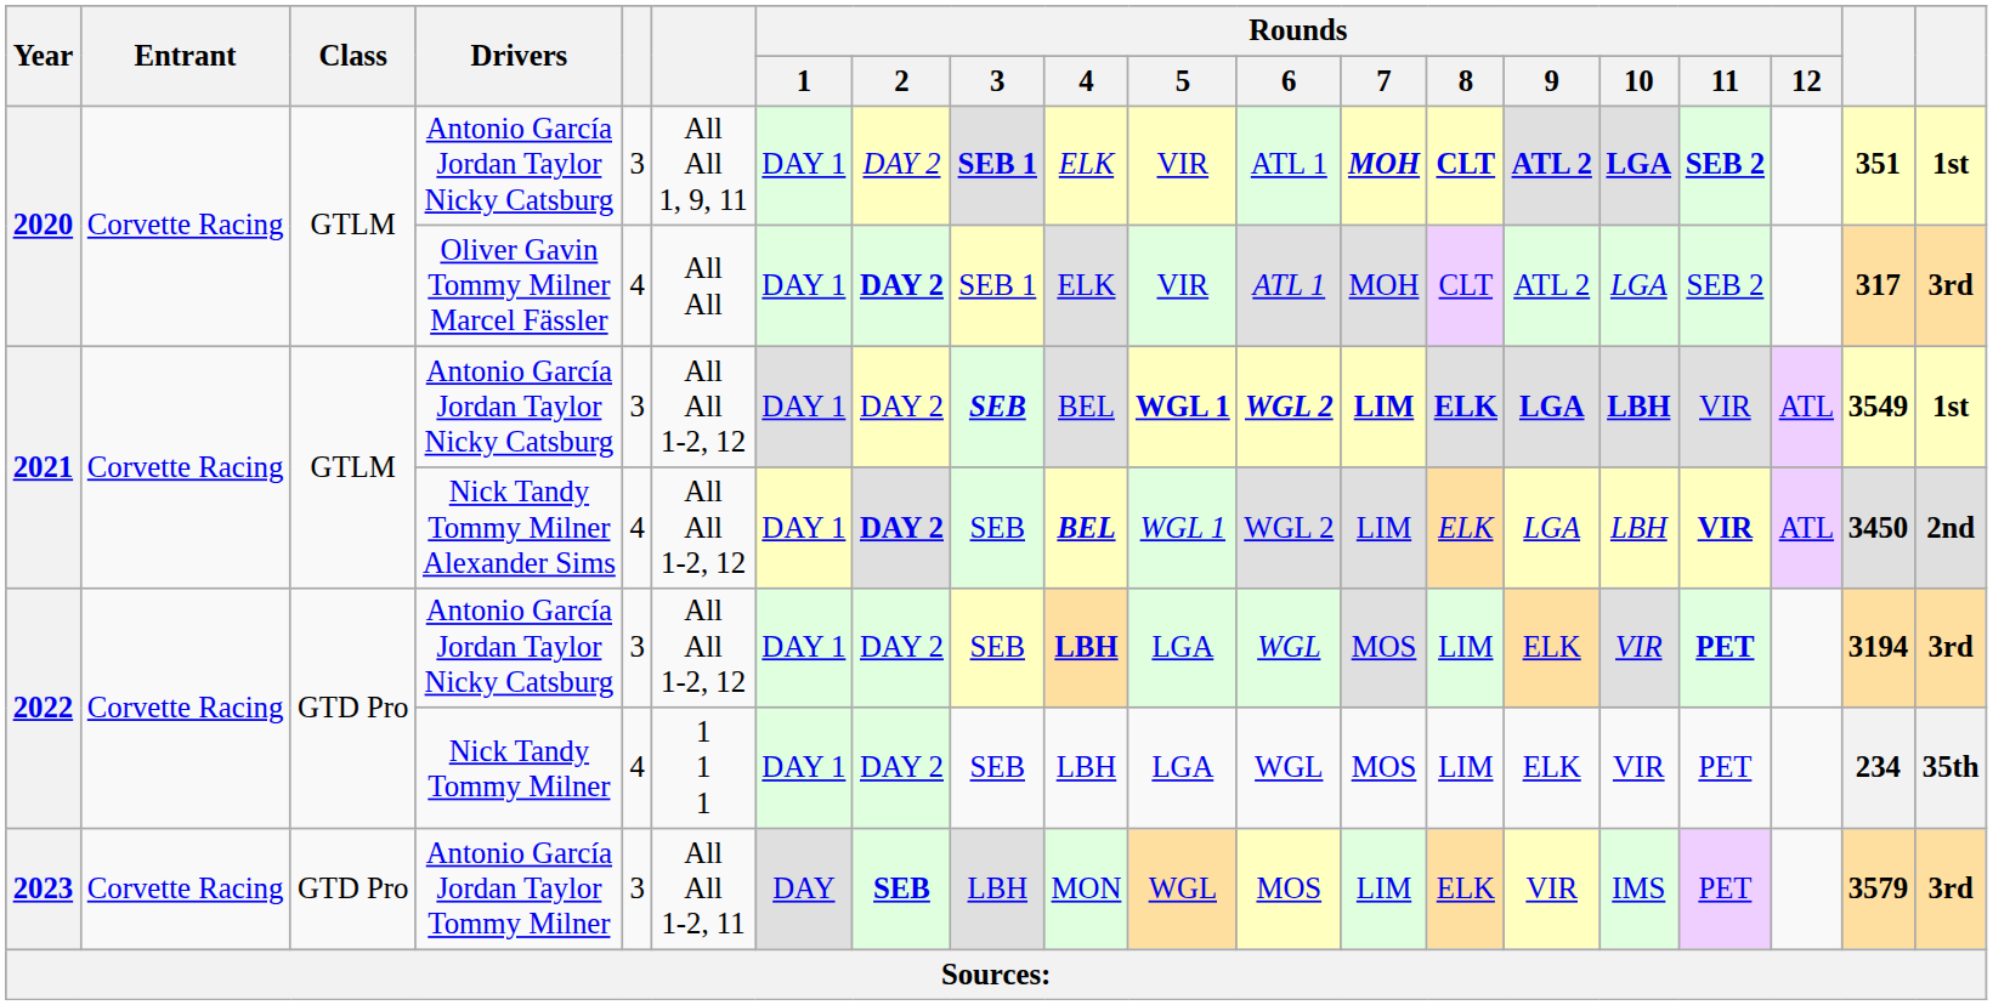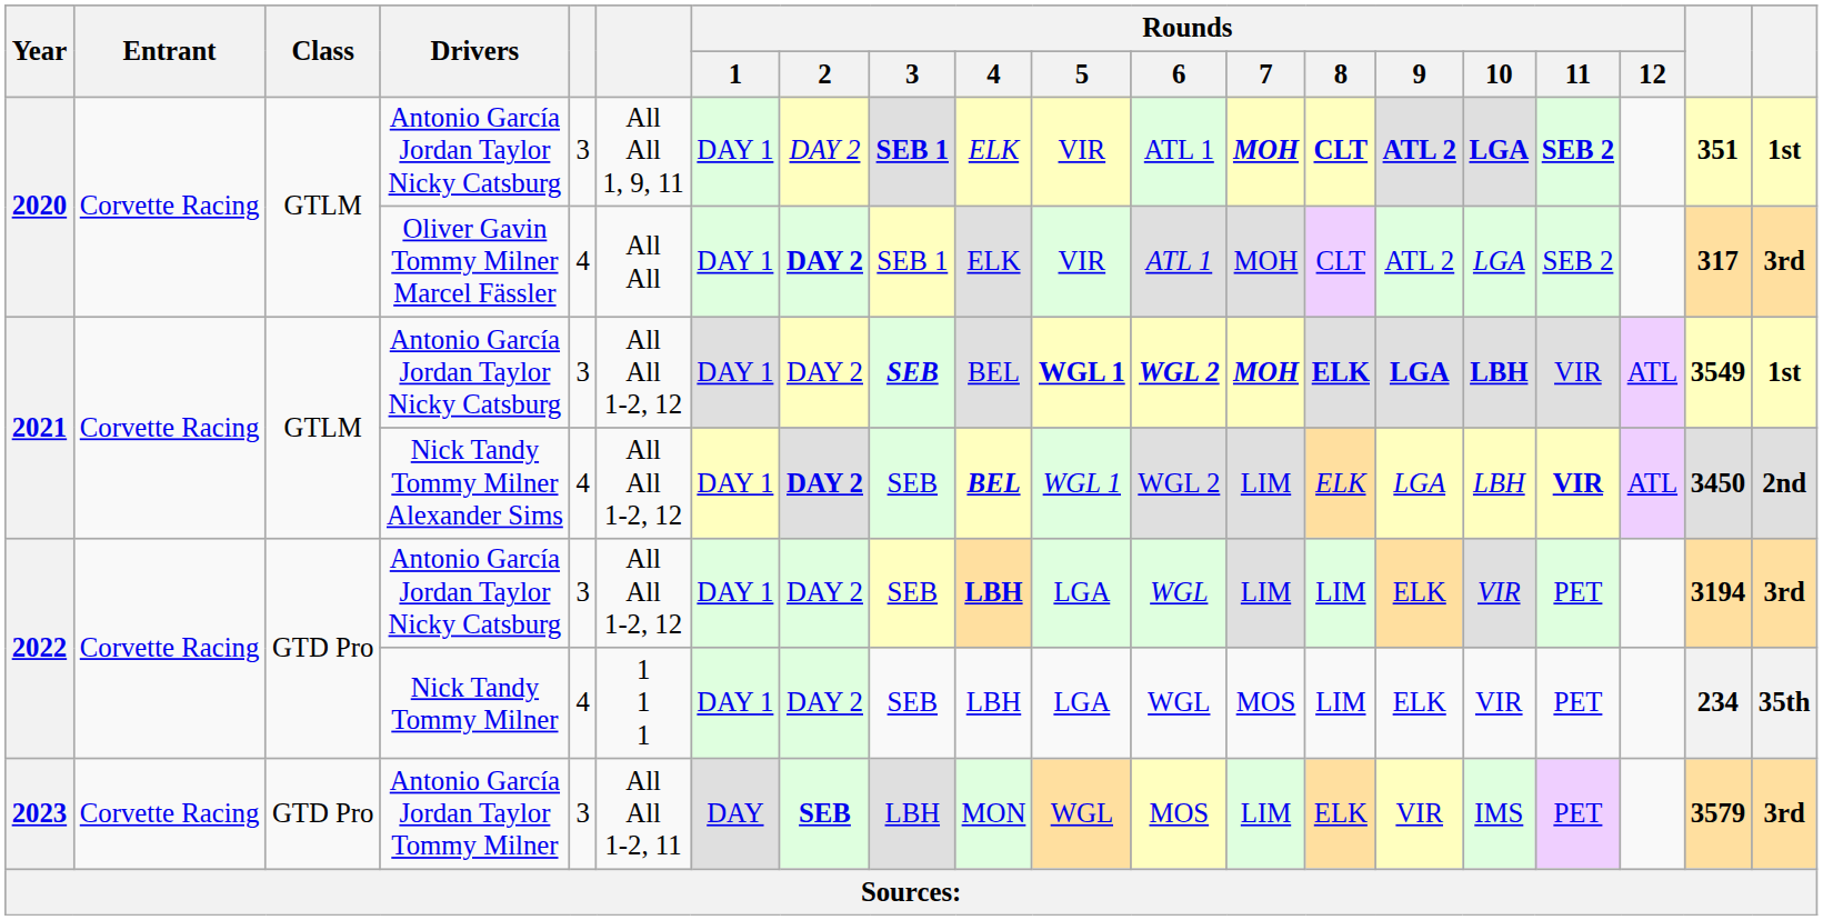 <table class = "wikitable" style="text-align:center; font-size:90%">
 <tr>
 <th rowspan="2">Year</th>
 <th rowspan="2">Entrant</th>
 <th rowspan="2">Class</th>
 <th rowspan="2">Drivers</th>
 <th rowspan="2"></th>
 <th rowspan="2"></th>
 <th colspan="12">Rounds</th>
 <th rowspan="2" scope="col"></th>
 <th rowspan="2" scope="col"></th>
 </tr>
 <tr>
 <th scope="col">1</th>
 <th scope="col">2</th>
 <th scope="col">3</th>
 <th scope="col">4</th>
 <th scope="col">5</th>
 <th scope="col">6</th>
 <th scope="col">7</th>
 <th scope="col">8</th>
 <th scope="col">9</th>
 <th scope="col">10</th>
 <th scope="col">11</th>
 <th scope="col">12</th>
 </tr>
 <tr>
 <th rowspan="2"><a href='#'>2020</a></th>
 <td rowspan="2"> <a href='#'>Corvette Racing</a></td>
 <td rowspan="2">GTLM</td>
 <td> <a href='#'>Antonio García</a><br> <a href='#'>Jordan Taylor</a><br> <a href='#'>Nicky Catsburg</a></td>
 <td>3</td>
 <td>All<br>All<br>1, 9, 11</td>
 <td style="background:#dfffdf;"><a href='#'>DAY 1</a><br></td>
 <td style="background:#ffffbf;"><em><a href='#'>DAY 2</a><br></em></td>
 <td style="background:#dfdfdf;"><strong><a href='#'>SEB 1</a><br></strong></td>
 <td style="background:#ffffbf;"><em><a href='#'>ELK</a><br></em></td>
 <td style="background:#ffffbf;"><a href='#'>VIR</a><br></td>
 <td style="background:#dfffdf;"><a href='#'>ATL 1</a><br></td>
 <td style="background:#ffffbf;"><strong><em><a href='#'>MOH</a><br></em></strong></td>
 <td style="background:#ffffbf;"><strong><a href='#'>CLT</a><br></strong></td>
 <td style="background:#dfdfdf;"><strong><a href='#'>ATL 2</a><br></strong></td>
 <td style="background:#dfdfdf;"><strong><a href='#'>LGA</a><br></strong></td>
 <td style="background:#dfffdf;"><strong><a href='#'>SEB 2</a><br></strong></td>
 <td></td>
 <th style="background:#ffffbf;">351</th>
 <th style="background:#ffffbf;">1st</th>
 </tr>
 <tr>
 <td> <a href='#'>Oliver Gavin</a><br> <a href='#'>Tommy Milner</a><br> <a href='#'>Marcel Fässler</a></td>
 <td>4</td>
 <td>All<br>All<br></td>
 <td style="background:#dfffdf;"><a href='#'>DAY 1</a><br></td>
 <td style="background:#dfffdf;"><strong><a href='#'>DAY 2</a><br></strong></td>
 <td style="background:#ffffbf;"><a href='#'>SEB 1</a><br></td>
 <td style="background:#dfdfdf;"><a href='#'>ELK</a><br></td>
 <td style="background:#dfffdf;"><a href='#'>VIR</a><br></td>
 <td style="background:#dfdfdf;"><em><a href='#'>ATL 1</a><br></em></td>
 <td style="background:#dfdfdf;"><a href='#'>MOH</a><br></td>
 <td style="background:#efcfff;"><a href='#'>CLT</a><br></td>
 <td style="background:#dfffdf;"><a href='#'>ATL 2</a><br></td>
 <td style="background:#dfffdf;"><em><a href='#'>LGA</a><br></em></td>
 <td style="background:#dfffdf;"><a href='#'>SEB 2</a><br></td>
 <td></td>
 <th style="background:#FFDF9F;”">317</th>
 <th style="background:#FFDF9F;”">3rd</th>
 </tr>
 <tr>
 <th rowspan="2"><a href='#'>2021</a></th>
 <td rowspan="2"> <a href='#'>Corvette Racing</a></td>
 <td rowspan="2">GTLM</td>
 <td> <a href='#'>Antonio García</a><br> <a href='#'>Jordan Taylor</a><br> <a href='#'>Nicky Catsburg</a></td>
 <td>3</td>
 <td>All<br>All<br>1-2, 12</td>
 <td style="background:#dfdfdf;"><a href='#'>DAY 1</a><br></td>
 <td style="background:#ffffbf;"><a href='#'>DAY 2</a><br></td>
 <td style="background:#dfffdf;"><strong><em><a href='#'>SEB</a><br></em></strong></td>
 <td style="background:#dfdfdf;"><a href='#'>BEL</a><br></td>
 <td style="background:#ffffbf;"><strong><a href='#'>WGL 1</a><br></strong></td>
 <td style="background:#ffffbf;"><strong><em><a href='#'>WGL 2</a><br></em></strong></td>
-<td style="background:#ffffbf;"><strong><a href='#'>LIM</a><br></strong></td>
+<td style="background:#ffffbf;"><strong><em><a href='#'>MOH</a><br></em></strong></td>
 <td style="background:#dfdfdf;"><strong><a href='#'>ELK</a><br></strong></td>
 <td style="background:#dfdfdf;"><strong><a href='#'>LGA</a><br></strong></td>
 <td style="background:#dfdfdf;"><strong><a href='#'>LBH</a><br></strong></td>
 <td style="background:#dfdfdf;"><a href='#'>VIR</a><br></td>
 <td style="background:#efcfff;"><a href='#'>ATL</a><br></td>
 <th style="background:#ffffbf;">3549</th>
 <th style="background:#ffffbf;">1st</th>
 </tr>
 <tr>
 <td> <a href='#'>Nick Tandy</a><br> <a href='#'>Tommy Milner</a><br> <a href='#'>Alexander Sims</a></td>
 <td>4</td>
 <td>All<br>All<br>1-2, 12</td>
 <td style="background:#ffffbf;"><a href='#'>DAY 1</a><br></td>
 <td style="background:#dfdfdf;"><strong><a href='#'>DAY 2</a><br></strong></td>
 <td style="background:#dfffdf;"><a href='#'>SEB</a><br></td>
 <td style="background:#ffffbf;"><strong><em><a href='#'>BEL</a><br></em></strong></td>
 <td style="background:#dfffdf;"><em><a href='#'>WGL 1</a><br></em></td>
 <td style="background:#dfdfdf;"><a href='#'>WGL 2</a><br></td>
 <td style="background:#dfdfdf;"><a href='#'>LIM</a><br></td>
 <td style="background:#FFDF9F;"><em><a href='#'>ELK</a><br></em></td>
 <td style="background:#ffffbf;"><em><a href='#'>LGA</a><br></em></td>
 <td style="background:#ffffbf;"><em><a href='#'>LBH</a><br></em></td>
 <td style="background:#ffffbf;"><strong><a href='#'>VIR</a><br></strong></td>
 <td style="background:#efcfff;"><a href='#'>ATL</a><br></td>
 <th style="background:#dfdfdf;">3450</th>
 <th style="background:#dfdfdf;">2nd</th>
 </tr>
 <tr>
 <th rowspan="2"><a href='#'>2022</a></th>
 <td rowspan="2"> <a href='#'>Corvette Racing</a></td>
 <td rowspan="2">GTD Pro</td>
 <td> <a href='#'>Antonio García</a><br> <a href='#'>Jordan Taylor</a><br> <a href='#'>Nicky Catsburg</a></td>
 <td>3</td>
 <td>All<br>All<br>1-2, 12</td>
 <td style="background:#dfffdf;"><a href='#'>DAY 1</a><br></td>
 <td style="background:#dfffdf;"><a href='#'>DAY 2</a><br></td>
 <td style="background:#FFFFBF;"><a href='#'>SEB</a><br></td>
 <td style="background:#FFDF9F;"><strong><a href='#'>LBH</a><br></strong></td>
 <td style="background:#DFFFDF;"><a href='#'>LGA</a><br></td>
 <td style="background:#DFFFDF;"><em><a href='#'>WGL</a><br></em></td>
-<td style="background:#DFDFDF;"><a href='#'>MOS</a><br></td>
+<td style="background:#dfdfdf;"><a href='#'>LIM</a><br></td>
 <td style="background:#DFFFDF;"><a href='#'>LIM</a><br></td>
 <td style="background:#FFDF9F;"><a href='#'>ELK</a><br></td>
 <td style="background:#DFDFDF;"><em><a href='#'>VIR</a><br></em></td>
-<td style="background:#DFFFDF;"><strong><a href='#'>PET</a> <br></strong></td>
+<td style="background:#DFFFDF;"><a href='#'>PET</a> <br></td>
 <td></td>
 <th style="background:#FFDF9F;”">3194</th>
 <th style="background:#FFDF9F;”">3rd</th>
 </tr>
 <tr>
 <td> <a href='#'>Nick Tandy</a><br> <a href='#'>Tommy Milner</a><br></td>
 <td>4</td>
 <td>1<br>1<br>1</td>
 <td style="background:#dfffdf;"><a href='#'>DAY 1</a><br></td>
 <td style="background:#dfffdf;"><a href='#'>DAY 2</a><br></td>
 <td style="background:#;"><a href='#'>SEB</a><br></td>
 <td style="background:#;"><a href='#'>LBH</a><br></td>
 <td style="background:#;"><a href='#'>LGA</a><br></td>
 <td style="background:#;"><a href='#'>WGL</a><br></td>
 <td style="background:#;"><a href='#'>MOS</a><br></td>
 <td style="background:#;"><a href='#'>LIM</a><br></td>
 <td style="background:#;"><a href='#'>ELK</a><br></td>
 <td style="background:#;"><a href='#'>VIR</a><br></td>
 <td style="background:#;"><a href='#'>PET</a> <br></td>
 <td></td>
 <th>234</th>
 <th>35th</th>
 </tr>
 <tr>
 <th><a href='#'>2023</a></th>
 <td> <a href='#'>Corvette Racing</a></td>
 <td>GTD Pro</td>
 <td> <a href='#'>Antonio García</a><br> <a href='#'>Jordan Taylor</a><br> <a href='#'>Tommy Milner</a></td>
 <td>3</td>
 <td>All<br>All<br>1-2, 11</td>
 <td style="background:#DFDFDF;"><a href='#'>DAY</a><br></td>
 <td style="background:#DFFFDF;"><strong><a href='#'>SEB</a><br></strong></td>
 <td style="background:#DFDFDF;"><a href='#'>LBH</a><br></td>
 <td style="background:#DFFFDF;"><a href='#'>MON</a><br></td>
 <td style="background:#FFDF9F;"><a href='#'>WGL</a><br></td>
 <td style="background:#FFFFBF;"><a href='#'>MOS</a><br></td>
 <td style="background:#DFFFDF;"><a href='#'>LIM</a><br></td>
 <td style="background:#FFDF9F;"><a href='#'>ELK</a><br></td>
 <td style="background:#FFFFBF;"><a href='#'>VIR</a><br></td>
 <td style="background:#DFFFDF;"><a href='#'>IMS</a><br></td>
 <td style="background:#efcfff;"><a href='#'>PET</a><br></td>
 <td></td>
 <th style="background:#FFDF9F;">3579</th>
 <th style="background:#FFDF9F;">3rd</th>
 </tr>
 <tr>
 <th colspan="20">Sources:</th>
 </tr>
 </table>
